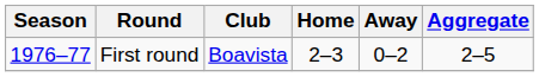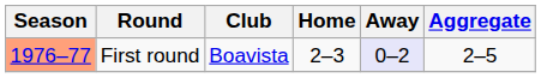 <table class="wikitable">
 <tr>
 <th>Season</th>
 <th>Round</th>
 <th>Club</th>
 <th>Home</th>
 <th>Away</th>
 <th><a href='#'>Aggregate</a></th>
 </tr>
 <tr>
-<td><a href='#'>1976–77</a></td>
+<td style="background: lightsalmon;"><a href='#'>1976–77</a></td>
 <td>First round</td>
 <td> <a href='#'>Boavista</a></td>
 <td align="center">2–3</td>
-<td align="center">0–2</td>
+<td align="center" style="background: lavender;">0–2</td>
 <td align="center">2–5</td>
 </tr>
 <tr>
 </tr>
 </table>
